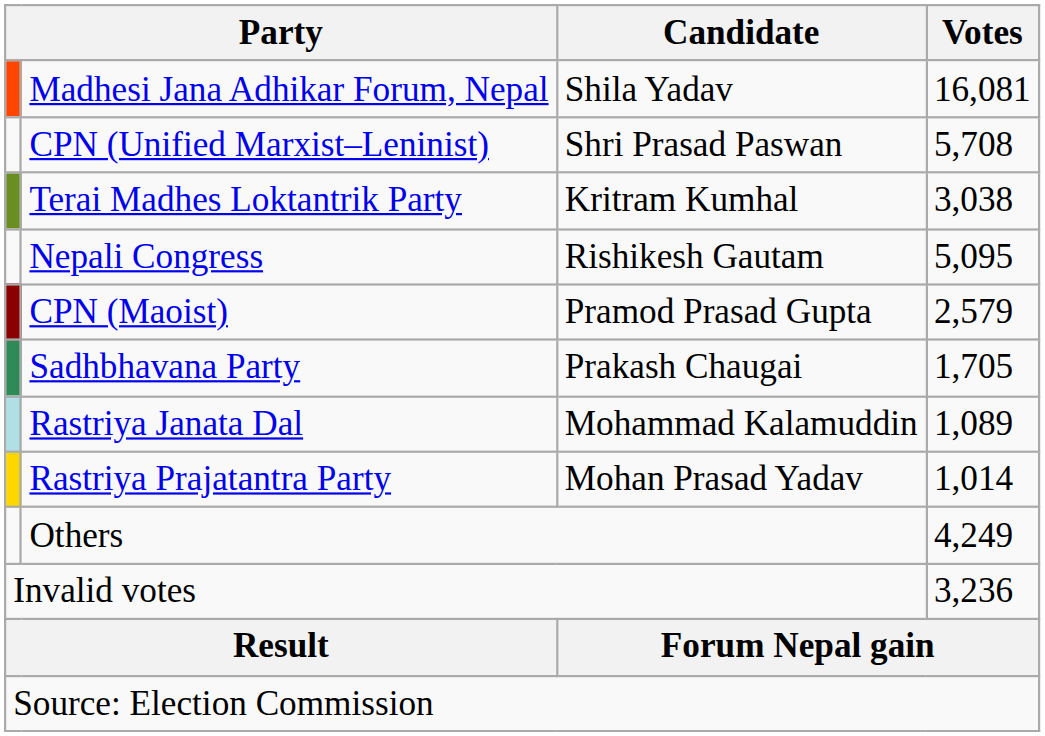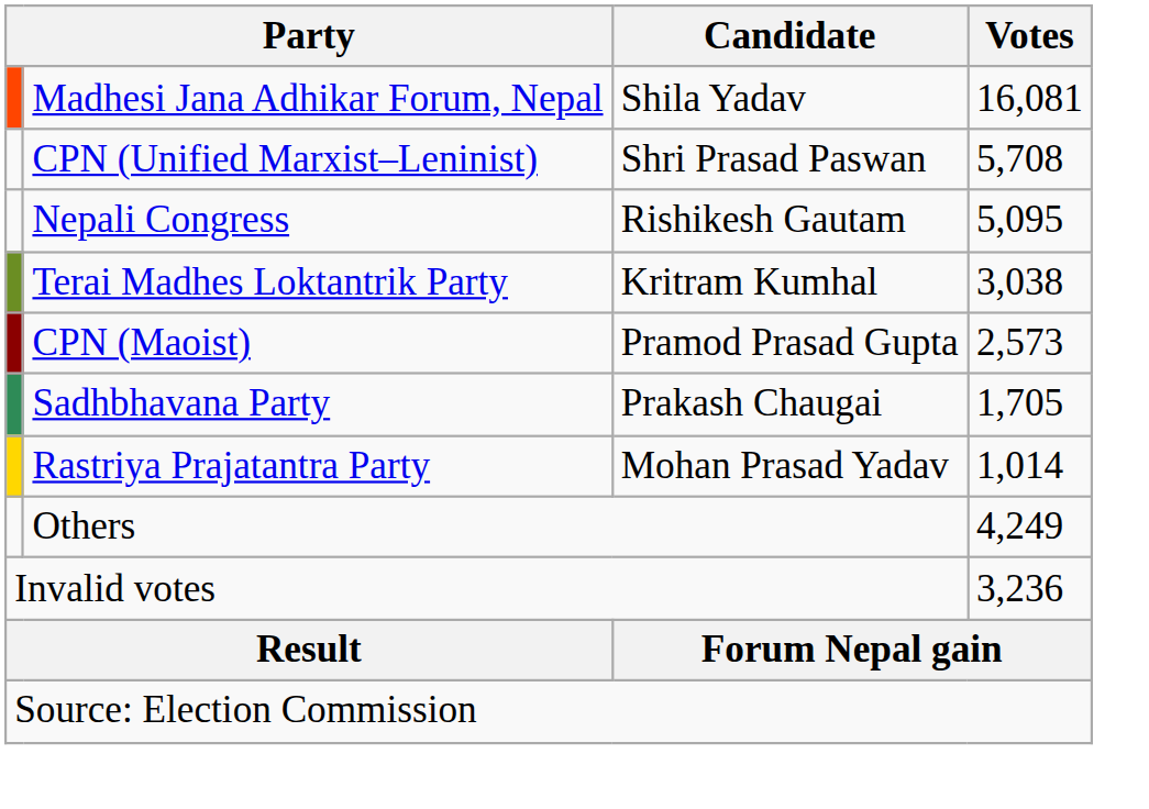 <table class="wikitable">
 <tr>
 <th colspan="2">Party</th>
 <th>Candidate</th>
 <th>Votes</th>
 </tr>
 <tr>
 <td style="background-color:orangered"></td>
 <td><a href='#'>Madhesi Jana Adhikar Forum, Nepal</a></td>
 <td>Shila Yadav</td>
 <td>16,081</td>
 </tr>
 <tr>
 <td style="background-color:"></td>
 <td><a href='#'>CPN (Unified Marxist–Leninist)</a></td>
 <td>Shri Prasad Paswan</td>
 <td>5,708</td>
 </tr>
 <tr>
+<td style="background-color:"></td>
+<td><a href='#'>Nepali Congress</a></td>
+<td>Rishikesh Gautam</td>
+<td>5,095</td>
+</tr>
+<tr>
 <td style="background-color:olivedrab"></td>
 <td><a href='#'>Terai Madhes Loktantrik Party</a></td>
 <td>Kritram Kumhal</td>
 <td>3,038</td>
 </tr>
 <tr>
-<td style="background-color:"></td>
-<td><a href='#'>Nepali Congress</a></td>
-<td>Rishikesh Gautam</td>
-<td>5,095</td>
-</tr>
-<tr>
 <td style="background-color:darkred"></td>
 <td><a href='#'>CPN (Maoist)</a></td>
 <td>Pramod Prasad Gupta</td>
-<td>2,579</td>
+<td>2,573</td>
 </tr>
 <tr>
 <td style="background-color:seagreen"></td>
 <td><a href='#'>Sadhbhavana Party</a></td>
 <td>Prakash Chaugai</td>
 <td>1,705</td>
-</tr>
-<tr>
-<td style="background-color:powderblue"></td>
-<td><a href='#'>Rastriya Janata Dal</a></td>
-<td>Mohammad Kalamuddin</td>
-<td>1,089</td>
 </tr>
 <tr>
 <td style="background-color:gold"></td>
 <td><a href='#'>Rastriya Prajatantra Party</a></td>
 <td>Mohan Prasad Yadav</td>
 <td>1,014</td>
 </tr>
 <tr>
 <td></td>
 <td colspan="2">Others</td>
 <td>4,249</td>
 </tr>
 <tr>
 <td colspan="3">Invalid votes</td>
 <td>3,236</td>
 </tr>
 <tr>
 <th colspan="2">Result</th>
 <th colspan="2">Forum Nepal gain</th>
 </tr>
 <tr>
 <td colspan="4">Source: Election Commission</td>
 </tr>
 </table>
